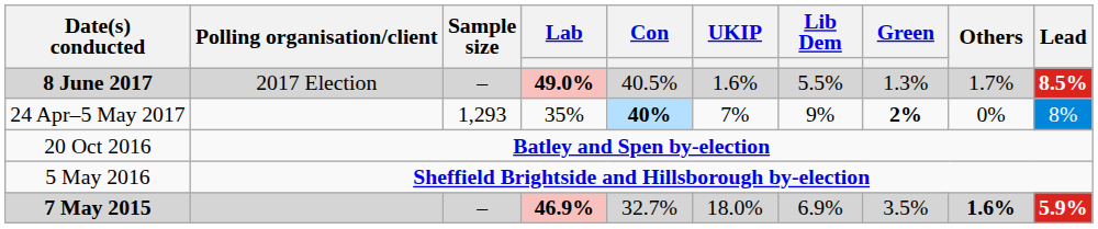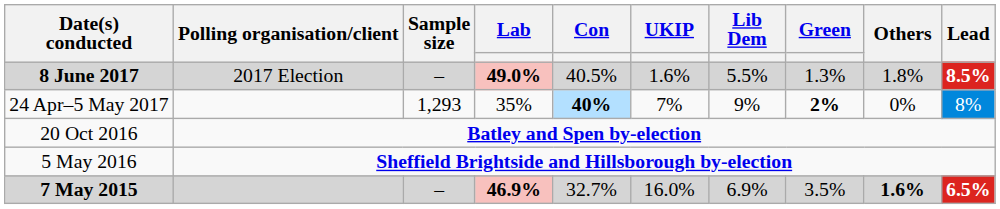 <table class="wikitable sortable mw-datatable" style="text-align:center;font-size:90%;line-height:14px;">
 <tr>
 <th rowspan="2">Date(s)<br>conducted</th>
 <th rowspan="2">Polling organisation/client</th>
 <th rowspan="2">Sample<br>size</th>
 <th style="width:50px;" class="unsortable"><a href='#'>Lab</a></th>
 <th style="width:50px;" class="unsortable"><a href='#'>Con</a></th>
 <th style="width:50px;" class="unsortable"><a href='#'>UKIP</a></th>
 <th style="width:50px;" class="unsortable"><a href='#'>Lib Dem</a></th>
 <th style="width:50px;" class="unsortable"><a href='#'>Green</a></th>
 <th style="width:50px;" rowspan="2" class="unsortable">Others</th>
 <th class="unsortable" style="width:20px;" rowspan="2">Lead</th>
 </tr>
 <tr>
 <th class="unsortable" style="color:inherit;background:"></th>
 <th class="unsortable" style="color:inherit;background:"></th>
 <th class="unsortable" style="color:inherit;background:"></th>
 <th class="unsortable" style="color:inherit;background:"></th>
 <th class="unsortable" style="color:inherit;background:"></th>
 </tr>
 <tr>
 <td style="background:#D5D5D5"><strong>8 June 2017</strong></td>
 <td style="background:#D5D5D5">2017 Election</td>
 <td style="background:#D5D5D5">–</td>
 <td style="background:#F8C1BE"><strong>49.0%</strong></td>
 <td style="background:#D5D5D5">40.5%</td>
 <td style="background:#D5D5D5">1.6%</td>
 <td style="background:#D5D5D5">5.5%</td>
 <td style="background:#D5D5D5">1.3%</td>
-<td style="background:#D5D5D5">1.7%</td>
+<td style="background:#D5D5D5">1.8%</td>
 <td style="background:#dc241f; color:white;"><strong>8.5%</strong></td>
 </tr>
 <tr>
 <td>24 Apr–5 May 2017</td>
 <td></td>
 <td>1,293</td>
 <td>35%</td>
 <td style="background:#B3E0FF"><strong>40%</strong></td>
 <td>7%</td>
 <td>9%</td>
 <td><strong>2%</strong></td>
 <td>0%</td>
 <td style="background:#0087DC; color:white;">8%</td>
 </tr>
 <tr>
 <td>20 Oct 2016</td>
 <td colspan="10"><strong><a href='#'>Batley and Spen by-election</a></strong></td>
 </tr>
 <tr>
 <td>5 May 2016</td>
 <td colspan="10"><strong><a href='#'>Sheffield Brightside and Hillsborough by-election</a></strong></td>
 </tr>
 <tr>
 <td style="background:#D5D5D5"><strong>7 May 2015</strong></td>
 <td style="background:#D5D5D5"></td>
 <td style="background:#D5D5D5">–</td>
 <td style="background:#F8C1BE"><strong>46.9%</strong></td>
 <td style="background:#D5D5D5">32.7%</td>
-<td style="background:#D5D5D5">18.0%</td>
+<td style="background:#D5D5D5">16.0%</td>
 <td style="background:#D5D5D5">6.9%</td>
 <td style="background:#D5D5D5">3.5%</td>
 <td style="background:#D5D5D5"><strong>1.6%</strong></td>
-<td style="background:#dc241f; color:white;"><strong>5.9%</strong></td>
+<td style="background:#dc241f; color:white;"><strong>6.5%</strong></td>
 </tr>
 </table>
